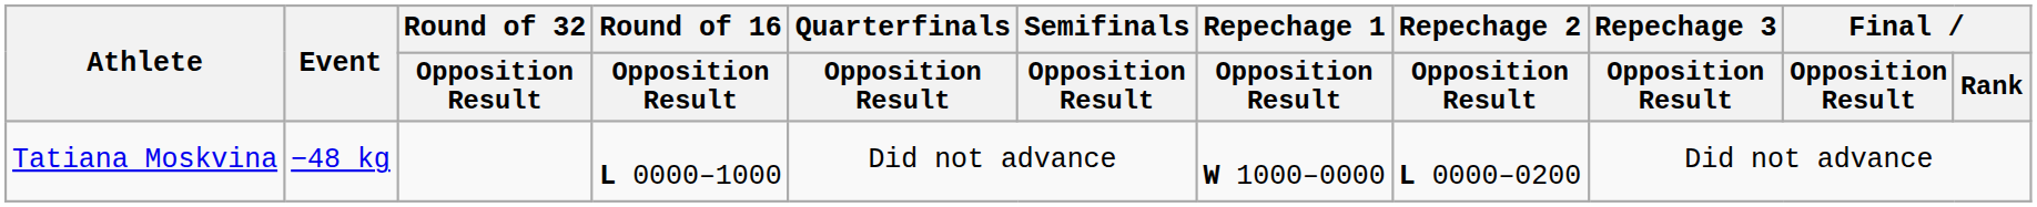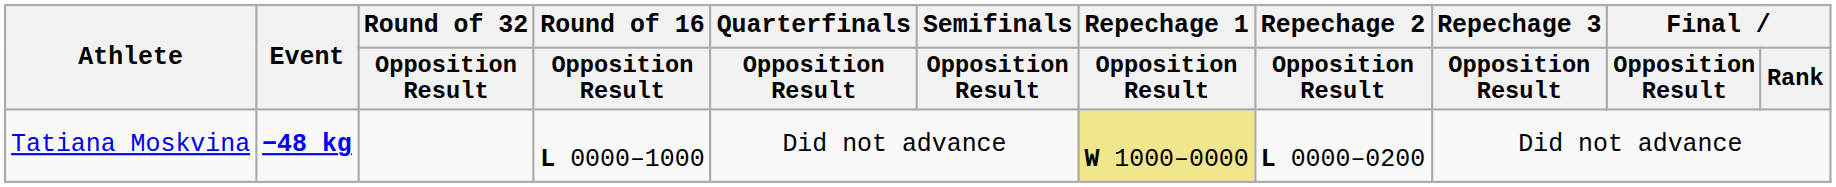 <table class="wikitable" style="font-size:90%">
 <tr>
 <th rowspan="2">Athlete</th>
 <th rowspan="2">Event</th>
 <th>Round of 32</th>
 <th>Round of 16</th>
 <th>Quarterfinals</th>
 <th>Semifinals</th>
 <th>Repechage 1</th>
 <th>Repechage 2</th>
 <th>Repechage 3</th>
 <th colspan=2>Final / </th>
 </tr>
 <tr style="font-size:95%">
 <th>Opposition<br>Result</th>
 <th>Opposition<br>Result</th>
 <th>Opposition<br>Result</th>
 <th>Opposition<br>Result</th>
 <th>Opposition<br>Result</th>
 <th>Opposition<br>Result</th>
 <th>Opposition<br>Result</th>
 <th>Opposition<br>Result</th>
 <th>Rank</th>
 </tr>
 <tr align=center>
 <td align=left><a href='#'>Tatiana Moskvina</a></td>
-<td align=left><a href='#'>−48 kg</a></td>
+<td align=left><strong><a href='#'>−48 kg</a></strong></td>
 <td></td>
 <td><br><strong>L</strong> 0000–1000</td>
 <td colspan=2>Did not advance</td>
-<td><br><strong>W</strong> 1000–0000</td>
+<td style="background: khaki;"><br><strong>W</strong> 1000–0000</td>
 <td><br><strong>L</strong> 0000–0200</td>
 <td colspan=3>Did not advance</td>
 </tr>
 </table>
